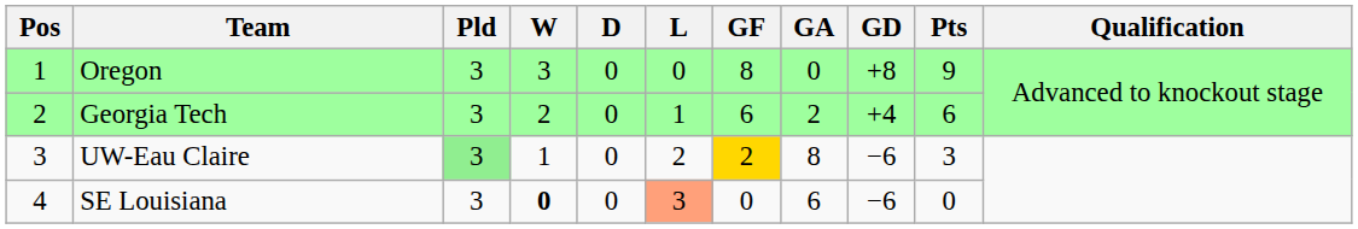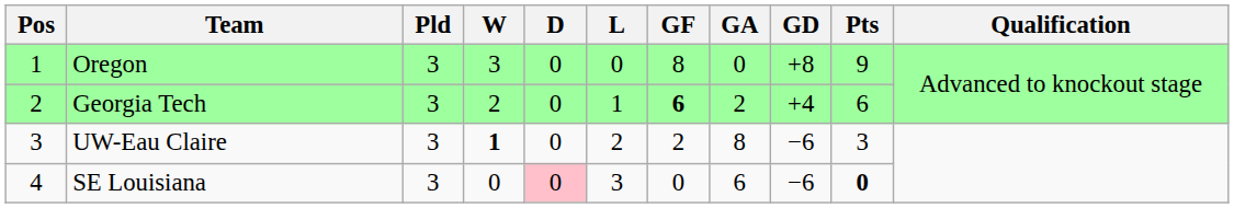 <table class="wikitable" style="text-align:center; margin: 1em auto">
 <tr>
 <th style="width:2em">Pos</th>
 <th style="width:13em">Team</th>
 <th style="width:2em">Pld</th>
 <th style="width:2em">W</th>
 <th style="width:2em">D</th>
 <th style="width:2em">L</th>
 <th style="width:2em">GF</th>
 <th style="width:2em">GA</th>
 <th style="width:2em">GD</th>
 <th style="width:2em">Pts</th>
 <th style="width:13em">Qualification</th>
 </tr>
 <tr bgcolor="#9eff9e">
 <td>1</td>
 <td style="text-align:left">Oregon</td>
 <td>3</td>
 <td>3</td>
 <td>0</td>
 <td>0</td>
 <td>8</td>
 <td>0</td>
 <td>+8</td>
 <td>9</td>
 <td rowspan="2">Advanced to knockout stage</td>
 </tr>
 <tr bgcolor="#9eff9e">
 <td>2</td>
 <td style="text-align:left">Georgia Tech</td>
 <td>3</td>
 <td>2</td>
 <td>0</td>
 <td>1</td>
-<td>6</td>
+<td><strong>6</strong></td>
 <td>2</td>
 <td>+4</td>
 <td>6</td>
 </tr>
 <tr>
 <td>3</td>
 <td style="text-align:left">UW-Eau Claire</td>
-<td style="background: lightgreen;">3</td>
-<td>1</td>
+<td>3</td>
+<td><strong>1</strong></td>
 <td>0</td>
 <td>2</td>
-<td style="background: gold;">2</td>
+<td>2</td>
 <td>8</td>
 <td>−6</td>
 <td>3</td>
 <td rowspan="2"></td>
 </tr>
 <tr>
 <td>4</td>
 <td style="text-align:left">SE Louisiana</td>
 <td>3</td>
-<td><strong>0</strong></td>
 <td>0</td>
-<td style="background: lightsalmon;">3</td>
+<td style="background: pink;">0</td>
+<td>3</td>
 <td>0</td>
 <td>6</td>
 <td>−6</td>
-<td>0</td>
+<td><strong>0</strong></td>
 </tr>
 </table>
